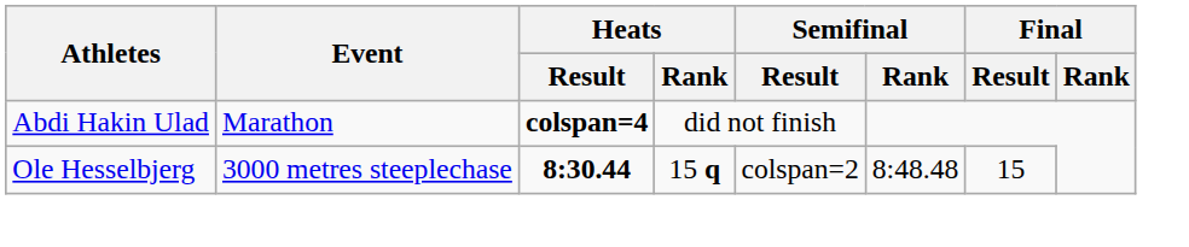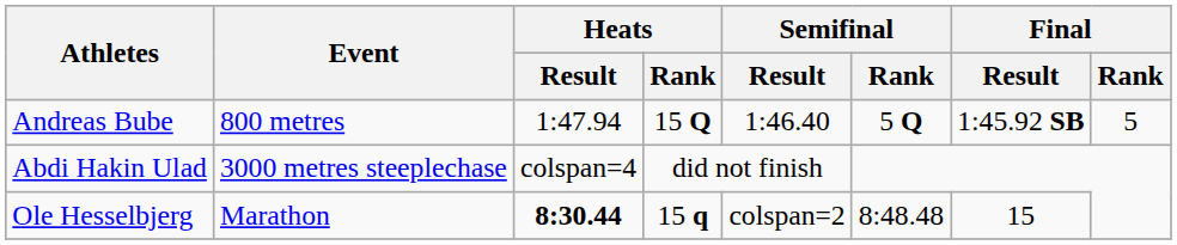 <table class="wikitable" border="1" style="font-size:90%">
 <tr>
 <th rowspan="2">Athletes</th>
 <th rowspan="2">Event</th>
 <th colspan="2">Heats</th>
 <th colspan="2">Semifinal</th>
 <th colspan="2">Final</th>
 </tr>
 <tr>
 <th>Result</th>
 <th>Rank</th>
 <th>Result</th>
 <th>Rank</th>
 <th>Result</th>
 <th>Rank</th>
 </tr>
 <tr>
+<td><a href='#'>Andreas Bube</a></td>
+<td><a href='#'>800 metres</a></td>
+<td align=center>1:47.94</td>
+<td align=center>15 <strong>Q</strong></td>
+<td align=center>1:46.40</td>
+<td align=center>5 <strong>Q</strong></td>
+<td align=center>1:45.92 <strong>SB</strong></td>
+<td align=center>5</td>
+</tr>
+<tr>
 <td><a href='#'>Abdi Hakin Ulad</a></td>
-<td><a href='#'>Marathon</a></td>
-<td><strong>colspan=4</strong></td>
+<td><a href='#'>3000 metres steeplechase</a></td>
+<td>colspan=4</td>
 <td align=center colspan=2>did not finish</td>
 </tr>
 <tr>
 <td><a href='#'>Ole Hesselbjerg</a></td>
-<td><a href='#'>3000 metres steeplechase</a></td>
+<td><a href='#'>Marathon</a></td>
 <td align=center><strong>8:30.44</strong></td>
 <td align=center>15 <strong>q</strong></td>
 <td>colspan=2</td>
 <td align=center>8:48.48</td>
 <td align=center>15</td>
 </tr>
 </table>
